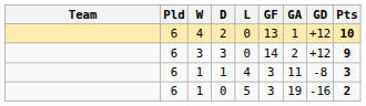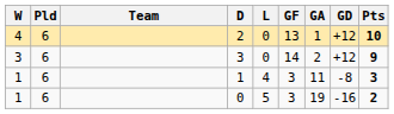 <table class="wikitable" style="text-align:center">
 <tr>
+<th width=20>W</th>
+<th width=20>Pld</th>
 <th width=165>Team</th>
-<th width=20>Pld</th>
-<th width=20>W</th>
 <th width=20>D</th>
 <th width=20>L</th>
 <th width=20>GF</th>
 <th width=20>GA</th>
 <th width=20>GD</th>
 <th width=20>Pts</th>
 </tr>
 <tr bgcolor="#ffebad">
+<td>4</td>
+<td>6</td>
 <td align="left"></td>
-<td>6</td>
-<td>4</td>
 <td>2</td>
 <td>0</td>
 <td>13</td>
 <td>1</td>
 <td>+12</td>
 <td><strong>10</strong></td>
 </tr>
 <tr>
+<td>3</td>
+<td>6</td>
 <td align="left"></td>
-<td>6</td>
-<td>3</td>
 <td>3</td>
 <td>0</td>
 <td>14</td>
 <td>2</td>
 <td>+12</td>
 <td><strong>9</strong></td>
 </tr>
 <tr>
+<td>1</td>
+<td>6</td>
 <td align="left"></td>
-<td>6</td>
-<td>1</td>
 <td>1</td>
 <td>4</td>
 <td>3</td>
 <td>11</td>
 <td>-8</td>
 <td><strong>3</strong></td>
 </tr>
 <tr>
+<td>1</td>
+<td>6</td>
 <td align="left"></td>
-<td>6</td>
-<td>1</td>
 <td>0</td>
 <td>5</td>
 <td>3</td>
 <td>19</td>
 <td>-16</td>
 <td><strong>2</strong></td>
 </tr>
 </table>
